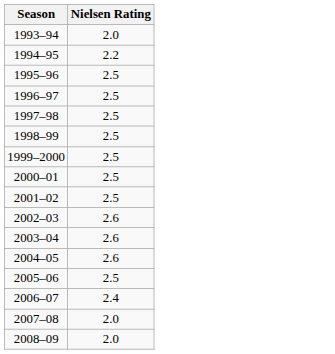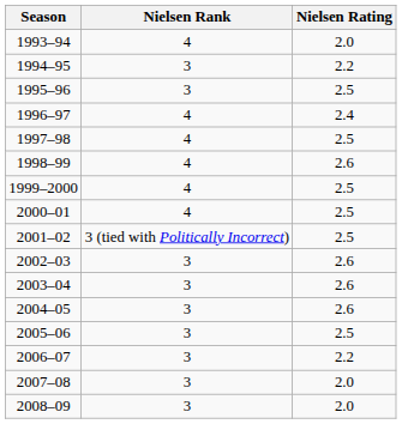 <table class="wikitable" style="text-align: center">
 <tr>
 <th>Season</th>
+<th>Nielsen Rank</th>
 <th>Nielsen Rating</th>
 </tr>
 <tr>
 <td style="text-align:center">1993–94</td>
+<td style="text-align:center:">4</td>
 <td style="text-align:center">2.0</td>
 </tr>
 <tr>
 <td style="text-align:center">1994–95</td>
+<td style="text-align:center:">3</td>
 <td style="text-align:center">2.2</td>
 </tr>
 <tr>
 <td style="text-align:center">1995–96</td>
+<td style="text-align:center:">3</td>
 <td style="text-align:center">2.5</td>
 </tr>
 <tr>
 <td style="text-align:center">1996–97</td>
-<td style="text-align:center">2.5</td>
+<td style="text-align:center:">4</td>
+<td style="text-align:center">2.4</td>
 </tr>
 <tr>
 <td style="text-align:center">1997–98</td>
+<td style="text-align:center:">4</td>
 <td style="text-align:center">2.5</td>
 </tr>
 <tr>
 <td style="text-align:center">1998–99</td>
-<td style="text-align:center">2.5</td>
+<td style="text-align:center:">4</td>
+<td style="text-align:center">2.6</td>
 </tr>
 <tr>
 <td style="text-align:center">1999–2000</td>
+<td style="text-align:center:">4</td>
 <td style="text-align:center">2.5</td>
 </tr>
 <tr>
 <td style="text-align:center">2000–01</td>
+<td style="text-align:center:">4</td>
 <td style="text-align:center">2.5</td>
 </tr>
 <tr>
 <td style="text-align:center">2001–02</td>
+<td style="text-align:center:">3 (tied with <em><a href='#'>Politically Incorrect</a></em>)</td>
 <td style="text-align:center">2.5</td>
 </tr>
 <tr>
 <td style="text-align:center">2002–03</td>
+<td style="text-align:center:">3</td>
 <td style="text-align:center">2.6</td>
 </tr>
 <tr>
 <td style="text-align:center">2003–04</td>
+<td style="text-align:center:">3</td>
 <td style="text-align:center">2.6</td>
 </tr>
 <tr>
 <td style="text-align:center">2004–05</td>
+<td style="text-align:center:">3</td>
 <td style="text-align:center">2.6</td>
 </tr>
 <tr>
 <td style="text-align:center">2005–06</td>
+<td style="text-align:center:">3</td>
 <td style="text-align:center">2.5</td>
 </tr>
 <tr>
 <td style="text-align:center">2006–07</td>
-<td style="text-align:center">2.4</td>
+<td style="text-align:center:">3</td>
+<td style="text-align:center">2.2</td>
 </tr>
 <tr>
 <td style="text-align:center">2007–08</td>
+<td style="text-align:center:">3</td>
 <td style="text-align:center">2.0</td>
 </tr>
 <tr>
 <td style="text-align:center">2008–09</td>
+<td style="text-align:center:">3</td>
 <td style="text-align:center">2.0</td>
 </tr>
 </table>
